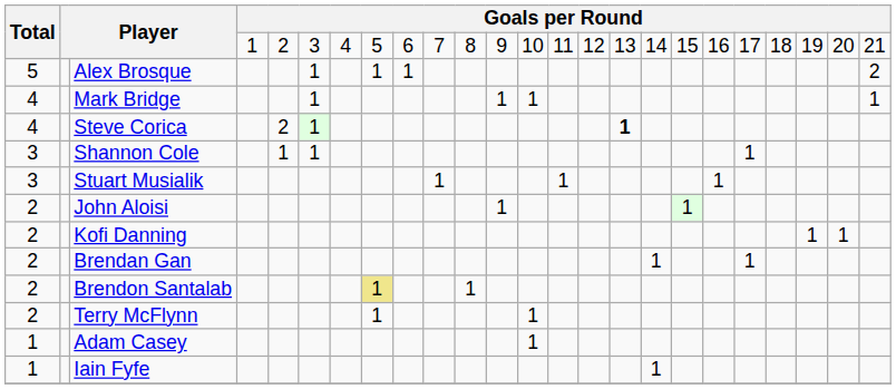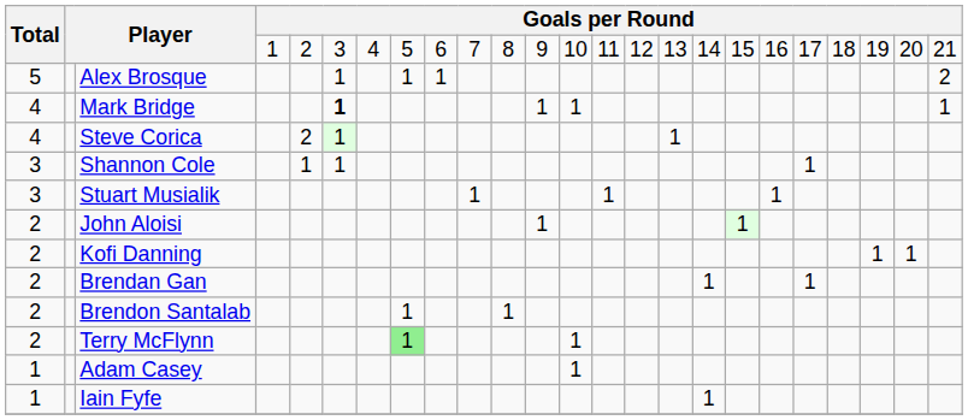 <table class="wikitable" style="text-align:center; line-height: 90%; font-size:90%;">
 <tr>
 <th rowspan="2">Total</th>
 <th rowspan="2" colspan="2">Player</th>
 <th colspan="21">Goals per Round</th>
 </tr>
 <tr>
 <td> 1 </td>
 <td> 2 </td>
 <td> 3 </td>
 <td> 4 </td>
 <td> 5 </td>
 <td> 6 </td>
 <td> 7 </td>
 <td> 8 </td>
 <td> 9 </td>
 <td>10</td>
 <td>11</td>
 <td>12</td>
 <td>13</td>
 <td>14</td>
 <td>15</td>
 <td>16</td>
 <td>17</td>
 <td>18</td>
 <td>19</td>
 <td>20</td>
 <td>21</td>
 </tr>
 <tr>
 <td>5</td>
 <td></td>
 <td style="text-align:left;"><a href='#'>Alex Brosque</a></td>
 <td></td>
 <td></td>
 <td>1</td>
 <td></td>
 <td>1</td>
 <td>1</td>
 <td></td>
 <td></td>
 <td></td>
 <td></td>
 <td></td>
 <td></td>
 <td></td>
 <td></td>
 <td></td>
 <td></td>
 <td></td>
 <td></td>
 <td></td>
 <td></td>
 <td>2</td>
 </tr>
 <tr>
 <td>4</td>
 <td></td>
 <td style="text-align:left;"><a href='#'>Mark Bridge</a></td>
 <td></td>
 <td></td>
-<td>1</td>
+<td><strong>1</strong></td>
 <td></td>
 <td></td>
 <td></td>
 <td></td>
 <td></td>
 <td>1</td>
 <td>1</td>
 <td></td>
 <td></td>
 <td></td>
 <td></td>
 <td></td>
 <td></td>
 <td></td>
 <td></td>
 <td></td>
 <td></td>
 <td>1</td>
 </tr>
 <tr>
 <td>4</td>
 <td></td>
 <td style="text-align:left;"><a href='#'>Steve Corica</a></td>
 <td></td>
 <td>2</td>
 <td style="background:#e0ffe0;">1</td>
 <td></td>
 <td></td>
 <td></td>
 <td></td>
 <td></td>
 <td></td>
 <td></td>
 <td></td>
 <td></td>
-<td><strong>1</strong></td>
+<td>1</td>
 <td></td>
 <td></td>
 <td></td>
 <td></td>
 <td></td>
 <td></td>
 <td></td>
 <td></td>
 </tr>
 <tr>
 <td>3</td>
 <td></td>
 <td style="text-align:left;"><a href='#'>Shannon Cole</a></td>
 <td></td>
 <td>1</td>
 <td>1</td>
 <td></td>
 <td></td>
 <td></td>
 <td></td>
 <td></td>
 <td></td>
 <td></td>
 <td></td>
 <td></td>
 <td></td>
 <td></td>
 <td></td>
 <td></td>
 <td>1</td>
 <td></td>
 <td></td>
 <td></td>
 <td></td>
 </tr>
 <tr>
 <td>3</td>
 <td></td>
 <td style="text-align:left;"><a href='#'>Stuart Musialik</a></td>
 <td></td>
 <td></td>
 <td></td>
 <td></td>
 <td></td>
 <td></td>
 <td>1</td>
 <td></td>
 <td></td>
 <td></td>
 <td>1</td>
 <td></td>
 <td></td>
 <td></td>
 <td></td>
 <td>1</td>
 <td></td>
 <td></td>
 <td></td>
 <td></td>
 <td></td>
 </tr>
 <tr>
 <td>2</td>
 <td></td>
 <td style="text-align:left;"><a href='#'>John Aloisi</a></td>
 <td></td>
 <td></td>
 <td></td>
 <td></td>
 <td></td>
 <td></td>
 <td></td>
 <td></td>
 <td>1</td>
 <td></td>
 <td></td>
 <td></td>
 <td></td>
 <td></td>
 <td style="background:#e0ffe0;">1</td>
 <td></td>
 <td></td>
 <td></td>
 <td></td>
 <td></td>
 <td></td>
 </tr>
 <tr>
 <td>2</td>
 <td></td>
 <td style="text-align:left;"><a href='#'>Kofi Danning</a></td>
 <td></td>
 <td></td>
 <td></td>
 <td></td>
 <td></td>
 <td></td>
 <td></td>
 <td></td>
 <td></td>
 <td></td>
 <td></td>
 <td></td>
 <td></td>
 <td></td>
 <td></td>
 <td></td>
 <td></td>
 <td></td>
 <td>1</td>
 <td>1</td>
 <td></td>
 </tr>
 <tr>
 <td>2</td>
 <td></td>
 <td style="text-align:left;"><a href='#'>Brendan Gan</a></td>
 <td></td>
 <td></td>
 <td></td>
 <td></td>
 <td></td>
 <td></td>
 <td></td>
 <td></td>
 <td></td>
 <td></td>
 <td></td>
 <td></td>
 <td></td>
 <td>1</td>
 <td></td>
 <td></td>
 <td>1</td>
 <td></td>
 <td></td>
 <td></td>
 <td></td>
 </tr>
 <tr>
 <td>2</td>
 <td></td>
 <td style="text-align:left;"><a href='#'>Brendon Santalab</a></td>
 <td></td>
 <td></td>
 <td></td>
 <td></td>
-<td style="background: khaki;">1</td>
+<td>1</td>
 <td></td>
 <td></td>
 <td>1</td>
 <td></td>
 <td></td>
 <td></td>
 <td></td>
 <td></td>
 <td></td>
 <td></td>
 <td></td>
 <td></td>
 <td></td>
 <td></td>
 <td></td>
 <td></td>
 </tr>
 <tr>
 <td>2</td>
 <td></td>
 <td style="text-align:left;"><a href='#'>Terry McFlynn</a></td>
 <td></td>
 <td></td>
 <td></td>
 <td></td>
-<td>1</td>
+<td style="background: lightgreen;">1</td>
 <td></td>
 <td></td>
 <td></td>
 <td></td>
 <td>1</td>
 <td></td>
 <td></td>
 <td></td>
 <td></td>
 <td></td>
 <td></td>
 <td></td>
 <td></td>
 <td></td>
 <td></td>
 <td></td>
 </tr>
 <tr>
 <td>1</td>
 <td></td>
 <td style="text-align:left;"><a href='#'>Adam Casey</a></td>
 <td></td>
 <td></td>
 <td></td>
 <td></td>
 <td></td>
 <td></td>
 <td></td>
 <td></td>
 <td></td>
 <td>1</td>
 <td></td>
 <td></td>
 <td></td>
 <td></td>
 <td></td>
 <td></td>
 <td></td>
 <td></td>
 <td></td>
 <td></td>
 <td></td>
 </tr>
 <tr>
 <td>1</td>
 <td></td>
 <td style="text-align:left;"><a href='#'>Iain Fyfe</a></td>
 <td></td>
 <td></td>
 <td></td>
 <td></td>
 <td></td>
 <td></td>
 <td></td>
 <td></td>
 <td></td>
 <td></td>
 <td></td>
 <td></td>
 <td></td>
 <td>1</td>
 <td></td>
 <td></td>
 <td></td>
 <td></td>
 <td></td>
 <td></td>
 <td></td>
 </tr>
 <tr>
 </tr>
 </table>
